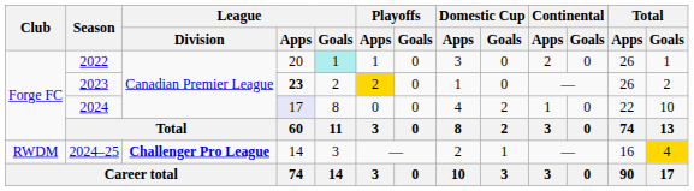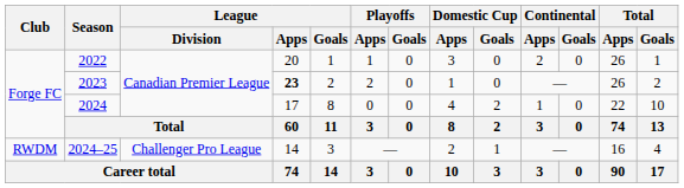 <table class="wikitable" style="text-align:center">
 <tr>
 <th rowspan="2">Club</th>
 <th rowspan="2">Season</th>
 <th colspan="3">League</th>
 <th colspan="2">Playoffs</th>
 <th colspan="2">Domestic Cup</th>
 <th colspan="2">Continental</th>
 <th colspan="2">Total</th>
 </tr>
 <tr>
 <th>Division</th>
 <th>Apps</th>
 <th>Goals</th>
 <th>Apps</th>
 <th>Goals</th>
 <th>Apps</th>
 <th>Goals</th>
 <th>Apps</th>
 <th>Goals</th>
 <th>Apps</th>
 <th>Goals</th>
 </tr>
 <tr>
 <td rowspan=4><a href='#'>Forge FC</a></td>
 <td><a href='#'>2022</a></td>
 <td rowspan=3><a href='#'>Canadian Premier League</a></td>
 <td>20</td>
-<td style="background: paleturquoise;">1</td>
+<td>1</td>
 <td>1</td>
 <td>0</td>
 <td>3</td>
 <td>0</td>
 <td>2</td>
 <td>0</td>
 <td>26</td>
 <td>1</td>
 </tr>
 <tr>
 <td><a href='#'>2023</a></td>
 <td><strong>23</strong></td>
 <td>2</td>
-<td style="background: gold;">2</td>
+<td>2</td>
 <td>0</td>
 <td>1</td>
 <td>0</td>
 <td colspan="2">—</td>
 <td>26</td>
 <td>2</td>
 </tr>
 <tr>
 <td><a href='#'>2024</a></td>
-<td style="background: lavender;">17</td>
+<td>17</td>
 <td>8</td>
 <td>0</td>
 <td>0</td>
 <td>4</td>
 <td>2</td>
 <td>1</td>
 <td>0</td>
 <td>22</td>
 <td>10</td>
 </tr>
 <tr>
 <th colspan="2">Total</th>
 <th>60</th>
 <th>11</th>
 <th>3</th>
 <th>0</th>
 <th>8</th>
 <th>2</th>
 <th>3</th>
 <th>0</th>
 <th>74</th>
 <th>13</th>
 </tr>
 <tr>
 <td><a href='#'>RWDM</a></td>
 <td><a href='#'>2024–25</a></td>
-<td><strong><a href='#'>Challenger Pro League</a></strong></td>
+<td><a href='#'>Challenger Pro League</a></td>
 <td>14</td>
 <td>3</td>
 <td colspan="2">—</td>
 <td>2</td>
 <td>1</td>
 <td colspan="2">—</td>
 <td>16</td>
-<td style="background: gold;">4</td>
+<td>4</td>
 </tr>
 <tr>
 <th colspan="3">Career total</th>
 <th>74</th>
 <th>14</th>
 <th>3</th>
 <th>0</th>
 <th>10</th>
 <th>3</th>
 <th>3</th>
 <th>0</th>
 <th>90</th>
 <th>17</th>
 </tr>
 </table>
